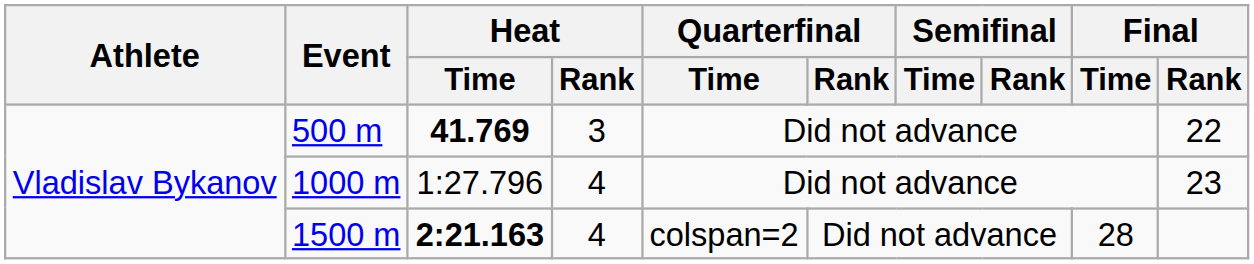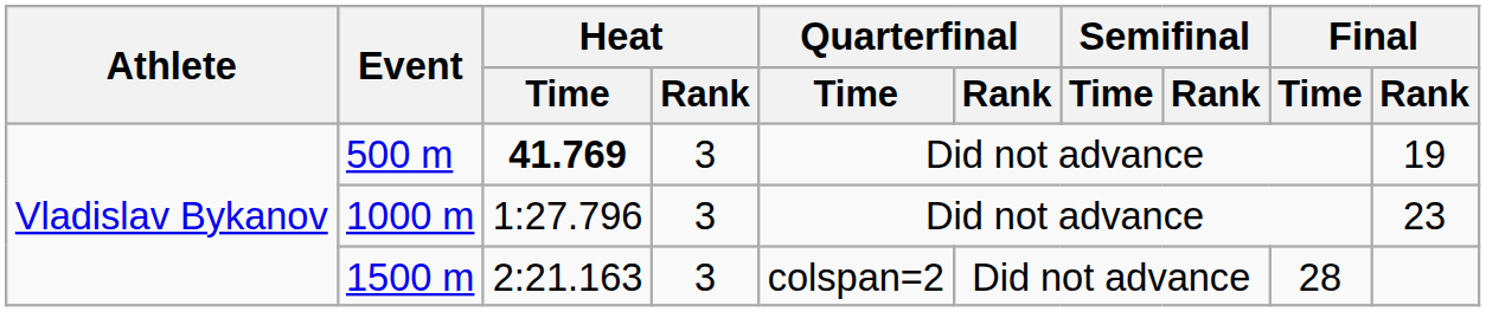 <table class="wikitable" style="font-size:90%">
 <tr>
 <th rowspan=2>Athlete</th>
 <th rowspan=2>Event</th>
 <th colspan=2>Heat</th>
 <th colspan=2>Quarterfinal</th>
 <th colspan=2>Semifinal</th>
 <th colspan=2>Final</th>
 </tr>
 <tr style="font-size:95%">
 <th>Time</th>
 <th>Rank</th>
 <th>Time</th>
 <th>Rank</th>
 <th>Time</th>
 <th>Rank</th>
 <th>Time</th>
 <th>Rank</th>
 </tr>
 <tr align=center>
 <td align=left rowspan=3><a href='#'>Vladislav Bykanov</a></td>
 <td align=left><a href='#'>500 m</a></td>
 <td><strong>41.769</strong></td>
 <td>3</td>
 <td colspan=5>Did not advance</td>
-<td>22</td>
+<td>19</td>
 </tr>
 <tr align=center>
 <td align=left><a href='#'>1000 m</a></td>
 <td>1:27.796</td>
-<td>4</td>
+<td>3</td>
 <td colspan=5>Did not advance</td>
 <td>23</td>
 </tr>
 <tr align=center>
 <td align=left><a href='#'>1500 m</a></td>
-<td><strong>2:21.163</strong></td>
-<td>4</td>
+<td>2:21.163</td>
+<td>3</td>
 <td>colspan=2 </td>
 <td colspan=3>Did not advance</td>
 <td>28</td>
 </tr>
 </table>
